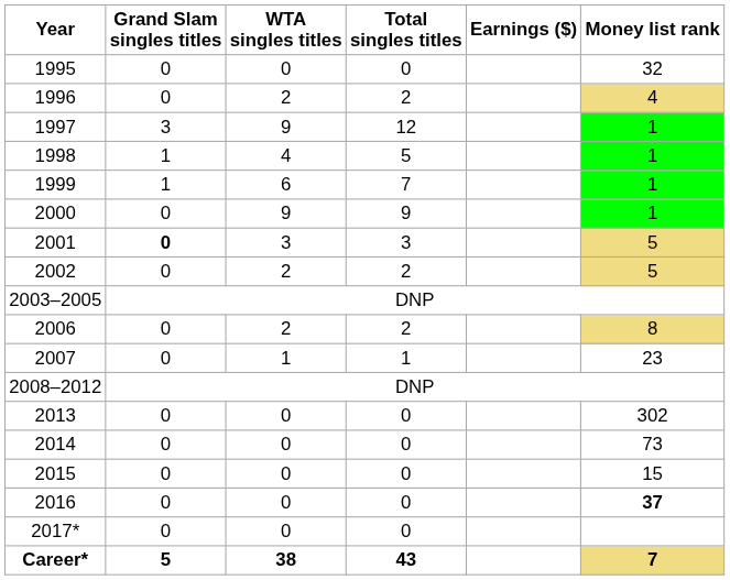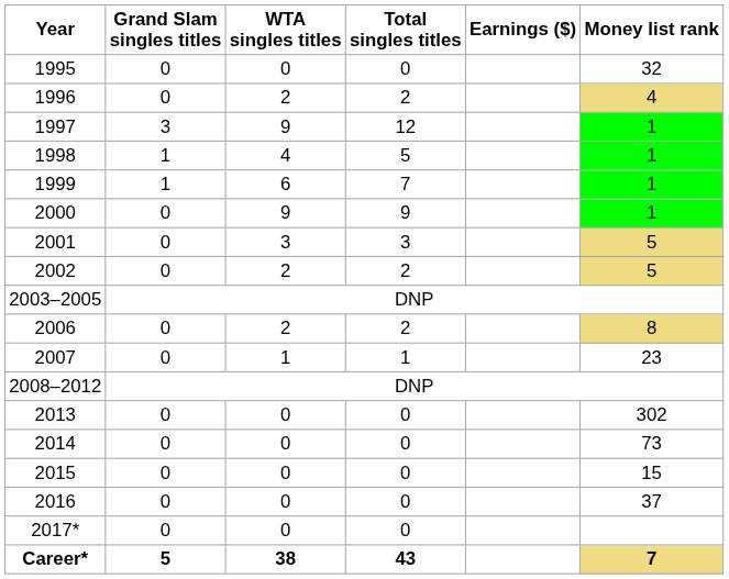 <table cellpadding=3 cellspacing=0 border=1 style=align-centre;border:#aaa;solid:1px;border-collapse:collapse;text-align:center>
 <tr>
 <th>Year</th>
 <th>Grand Slam<br>singles titles</th>
 <th>WTA<br>singles titles</th>
 <th>Total<br>singles titles</th>
 <th>Earnings ($)</th>
 <th>Money list rank</th>
 </tr>
 <tr>
 <td>1995</td>
 <td>0</td>
 <td>0</td>
 <td>0</td>
 <td align=right></td>
 <td>32</td>
 </tr>
 <tr>
 <td>1996</td>
 <td>0</td>
 <td>2</td>
 <td>2</td>
 <td align=right></td>
 <td bgcolor=F0DC82>4</td>
 </tr>
 <tr>
 <td>1997</td>
 <td>3</td>
 <td>9</td>
 <td>12</td>
 <td align=right></td>
 <td bgcolor=lime>1</td>
 </tr>
 <tr>
 <td>1998</td>
 <td>1</td>
 <td>4</td>
 <td>5</td>
 <td align=right></td>
 <td bgcolor=lime>1</td>
 </tr>
 <tr>
 <td>1999</td>
 <td>1</td>
 <td>6</td>
 <td>7</td>
 <td align=right></td>
 <td bgcolor=lime>1</td>
 </tr>
 <tr>
 <td>2000</td>
 <td>0</td>
 <td>9</td>
 <td>9</td>
 <td align=right></td>
 <td bgcolor=lime>1</td>
 </tr>
 <tr>
 <td>2001</td>
-<td><strong>0</strong></td>
+<td>0</td>
 <td>3</td>
 <td>3</td>
 <td align=right></td>
 <td bgcolor=F0DC82>5</td>
 </tr>
 <tr>
 <td>2002</td>
 <td>0</td>
 <td>2</td>
 <td>2</td>
 <td align=right></td>
 <td bgcolor=F0DC82>5</td>
 </tr>
 <tr>
 <td align="center">2003–2005</td>
 <td align="center" colspan="9">DNP</td>
 </tr>
 <tr>
 <td>2006</td>
 <td>0</td>
 <td>2</td>
 <td>2</td>
 <td align=right></td>
 <td bgcolor=F0DC82>8</td>
 </tr>
 <tr>
 <td>2007</td>
 <td>0</td>
 <td>1</td>
 <td>1</td>
 <td align=right></td>
 <td>23</td>
 </tr>
 <tr>
 <td align="center">2008–2012</td>
 <td align="center" colspan="9">DNP</td>
 </tr>
 <tr>
 <td>2013</td>
 <td>0</td>
 <td>0</td>
 <td>0</td>
 <td align=right></td>
 <td>302</td>
 </tr>
 <tr>
 <td>2014</td>
 <td>0</td>
 <td>0</td>
 <td>0</td>
 <td align=right></td>
 <td>73</td>
 </tr>
 <tr>
 <td>2015</td>
 <td>0</td>
 <td>0</td>
 <td>0</td>
 <td align=right></td>
 <td>15</td>
 </tr>
 <tr>
 <td>2016</td>
 <td>0</td>
 <td>0</td>
 <td>0</td>
 <td align=right></td>
-<td><strong>37</strong></td>
+<td>37</td>
 </tr>
 <tr>
 <td>2017*</td>
 <td>0</td>
 <td>0</td>
 <td>0</td>
 <td align=right></td>
 <td></td>
 </tr>
 <tr>
 <th>Career*</th>
 <th>5</th>
 <th>38</th>
 <th>43</th>
 <th align=right></th>
 <th bgcolor=F0DC83>7</th>
 </tr>
 </table>
